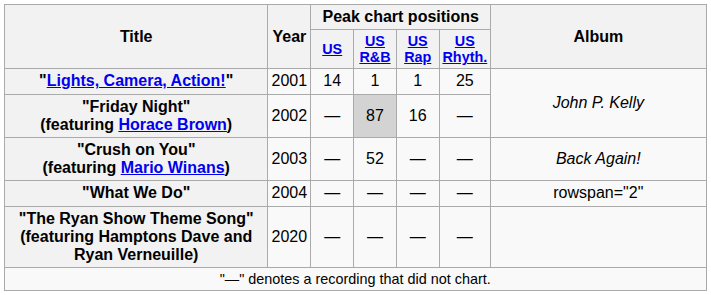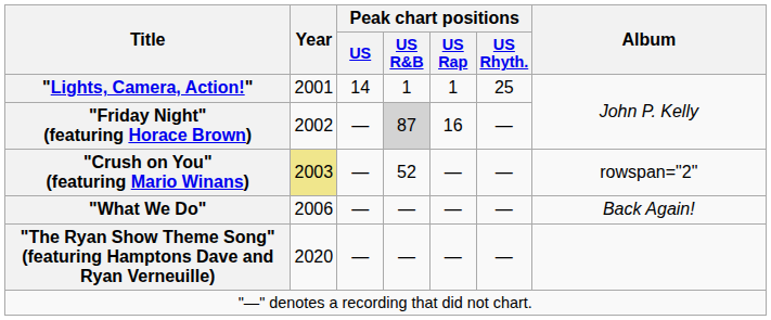 <table class="wikitable plainrowheaders" style="text-align:center;">
 <tr>
 <th scope="col" rowspan="2" style="width:16em;">Title</th>
 <th scope="col" rowspan="2" style="width:1em;">Year</th>
 <th scope="col" colspan="4">Peak chart positions</th>
 <th scope="col" rowspan="2" style="width:13em;">Album</th>
 </tr>
 <tr>
 <th scope="col" style="width:2.5em;font-size:90%;"><a href='#'>US</a><br></th>
 <th scope="col" style="width:2.5em;font-size:90%;"><a href='#'>US<br>R&B</a><br></th>
 <th scope="col" style="width:2.5em;font-size:90%;"><a href='#'>US<br>Rap</a><br></th>
 <th scope="col" style="width:2.5em;font-size:90%;"><a href='#'>US<br>Rhyth.</a><br></th>
 </tr>
 <tr>
 <th scope="row">"<a href='#'>Lights, Camera, Action!</a>"</th>
 <td>2001</td>
 <td>14</td>
 <td>1</td>
 <td>1</td>
 <td>25</td>
 <td rowspan="2"><em>John P. Kelly</em></td>
 </tr>
 <tr>
 <th scope="row">"Friday Night"<br><span>(featuring <a href='#'>Horace Brown</a>)</span></th>
 <td>2002</td>
 <td>—</td>
 <td style="background: lightgrey;">87</td>
 <td>16</td>
 <td>—</td>
 </tr>
 <tr>
 <th scope="row">"Crush on You"<br><span>(featuring <a href='#'>Mario Winans</a>)</span></th>
-<td>2003</td>
+<td style="background: khaki;">2003</td>
 <td>—</td>
 <td>52</td>
 <td>—</td>
 <td>—</td>
-<td><em>Back Again!</em></td>
+<td>rowspan="2" </td>
 </tr>
 <tr>
 <th scope="row">"What We Do"</th>
-<td>2004</td>
+<td>2006</td>
 <td>—</td>
 <td>—</td>
 <td>—</td>
 <td>—</td>
-<td>rowspan="2" </td>
+<td><em>Back Again!</em></td>
 </tr>
 <tr>
 <th scope="row">"The Ryan Show Theme Song"<br><span>(featuring Hamptons Dave and Ryan Verneuille)</span></th>
 <td>2020</td>
 <td>—</td>
 <td>—</td>
 <td>—</td>
 <td>—</td>
 </tr>
 <tr>
 <td colspan="14" style="font-size:90%">"—" denotes a recording that did not chart.</td>
 </tr>
 </table>
